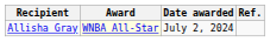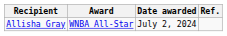 <table class="wikitable sortable sortable" style="text-align: center">
 <tr>
 <th>Recipient</th>
 <th>Award</th>
 <th>Date awarded</th>
 <th>Ref.</th>
 </tr>
 <tr>
 <td><a href='#'>Allisha Gray</a></td>
-<td style="background: lightyellow;"><a href='#'>WNBA All-Star</a></td>
+<td><a href='#'>WNBA All-Star</a></td>
 <td>July 2, 2024</td>
 <td></td>
 </tr>
 </table>
